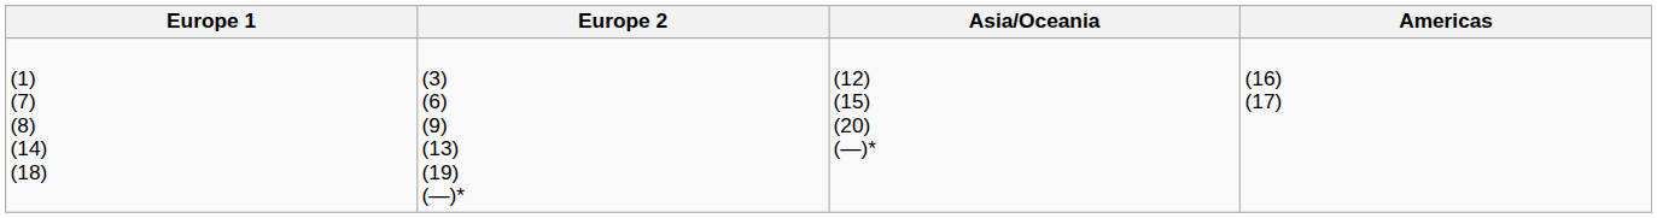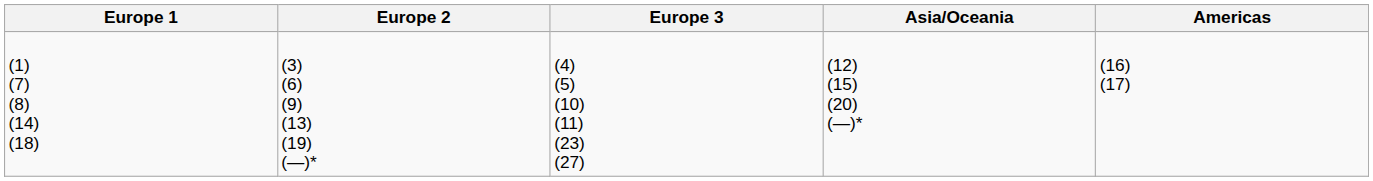 <table class="wikitable" style="width:100%;">
 <tr>
 <th width=17%>Europe 1</th>
 <th width=17%>Europe 2</th>
+<th width=17%>Europe 3</th>
 <th width=17%>Asia/Oceania</th>
 <th width=17%>Americas</th>
 </tr>
 <tr>
 <td valign=top><br> (1)<br>  (7)<br>  (8)<br>  (14)<br>  (18)<br></td>
 <td valign=top><br> (3)<br>  (6)<br>  (9)<br>  (13)<br>  (19)<br>  (—)*</td>
+<td valign=top><br> (4)<br>  (5)<br>  (10)<br>  (11)<br>  (23)<br>  (27)</td>
 <td valign=top><br> (12)<br>  (15)<br>  (20)<br>  (—)*</td>
 <td valign=top><br> (16)<br>  (17)</td>
 </tr>
 </table>
